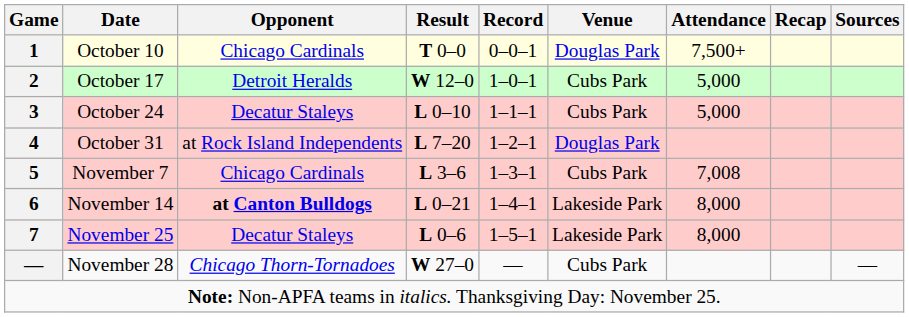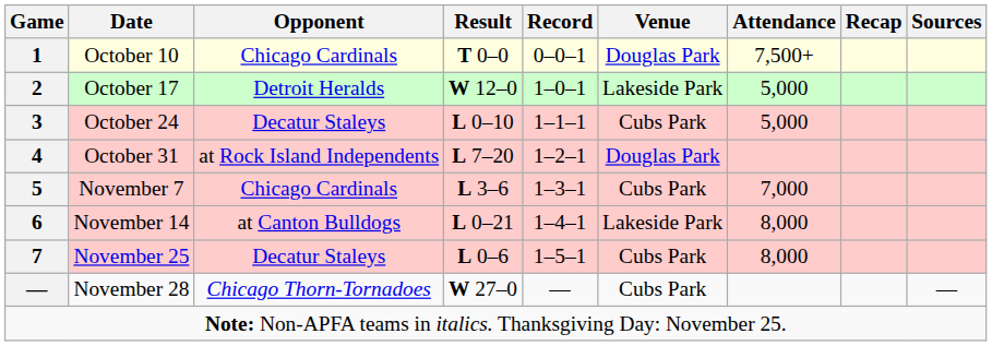 <table class="wikitable" style="text-align:center">
 <tr>
 <th>Game</th>
 <th>Date</th>
 <th>Opponent</th>
 <th>Result</th>
 <th>Record</th>
 <th>Venue</th>
 <th>Attendance</th>
 <th>Recap</th>
 <th>Sources</th>
 </tr>
 <tr style="background:lightyellow">
 <th>1</th>
 <td>October 10</td>
 <td><a href='#'>Chicago Cardinals</a></td>
 <td><strong>T</strong> 0–0</td>
 <td>0–0–1</td>
 <td><a href='#'>Douglas Park</a></td>
 <td>7,500+</td>
 <td></td>
 <td></td>
 </tr>
 <tr style="background:#cfc">
 <th>2</th>
 <td>October 17</td>
 <td><a href='#'>Detroit Heralds</a></td>
 <td><strong>W</strong> 12–0</td>
 <td>1–0–1</td>
-<td>Cubs Park</td>
+<td>Lakeside Park</td>
 <td>5,000</td>
 <td></td>
 <td></td>
 </tr>
 <tr style="background:#fcc">
 <th>3</th>
 <td>October 24</td>
 <td><a href='#'>Decatur Staleys</a></td>
 <td><strong>L</strong> 0–10</td>
 <td>1–1–1</td>
 <td>Cubs Park</td>
 <td>5,000</td>
 <td></td>
 <td></td>
 </tr>
 <tr style="background:#fcc">
 <th>4</th>
 <td>October 31</td>
 <td>at <a href='#'>Rock Island Independents</a></td>
 <td><strong>L</strong> 7–20</td>
 <td>1–2–1</td>
 <td><a href='#'>Douglas Park</a></td>
 <td></td>
 <td></td>
 <td></td>
 </tr>
 <tr style="background:#fcc">
 <th>5</th>
 <td>November 7</td>
 <td><a href='#'>Chicago Cardinals</a></td>
 <td><strong>L</strong> 3–6</td>
 <td>1–3–1</td>
 <td>Cubs Park</td>
-<td>7,008</td>
+<td>7,000</td>
 <td></td>
 <td></td>
 </tr>
 <tr style="background: #fcc">
 <th>6</th>
 <td>November 14</td>
-<td><strong>at <a href='#'>Canton Bulldogs</a></strong></td>
+<td>at <a href='#'>Canton Bulldogs</a></td>
 <td><strong>L</strong> 0–21</td>
 <td>1–4–1</td>
 <td>Lakeside Park</td>
 <td>8,000</td>
 <td></td>
 <td></td>
 </tr>
 <tr style="background: #fcc">
 <th>7</th>
 <td><a href='#'>November 25</a></td>
 <td><a href='#'>Decatur Staleys</a></td>
 <td><strong>L</strong> 0–6</td>
 <td>1–5–1</td>
-<td>Lakeside Park</td>
+<td>Cubs Park</td>
 <td>8,000</td>
 <td></td>
 <td></td>
 </tr>
 <tr>
 <th>—</th>
 <td>November 28</td>
 <td><em><a href='#'>Chicago Thorn-Tornadoes</a></em></td>
 <td><strong>W</strong> 27–0</td>
 <td>—</td>
 <td>Cubs Park</td>
 <td></td>
 <td></td>
 <td>—</td>
 </tr>
 <tr>
 <td colspan="10"><strong>Note:</strong> Non-APFA teams in <em>italics.</em> Thanksgiving Day: November 25.</td>
 </tr>
 </table>
